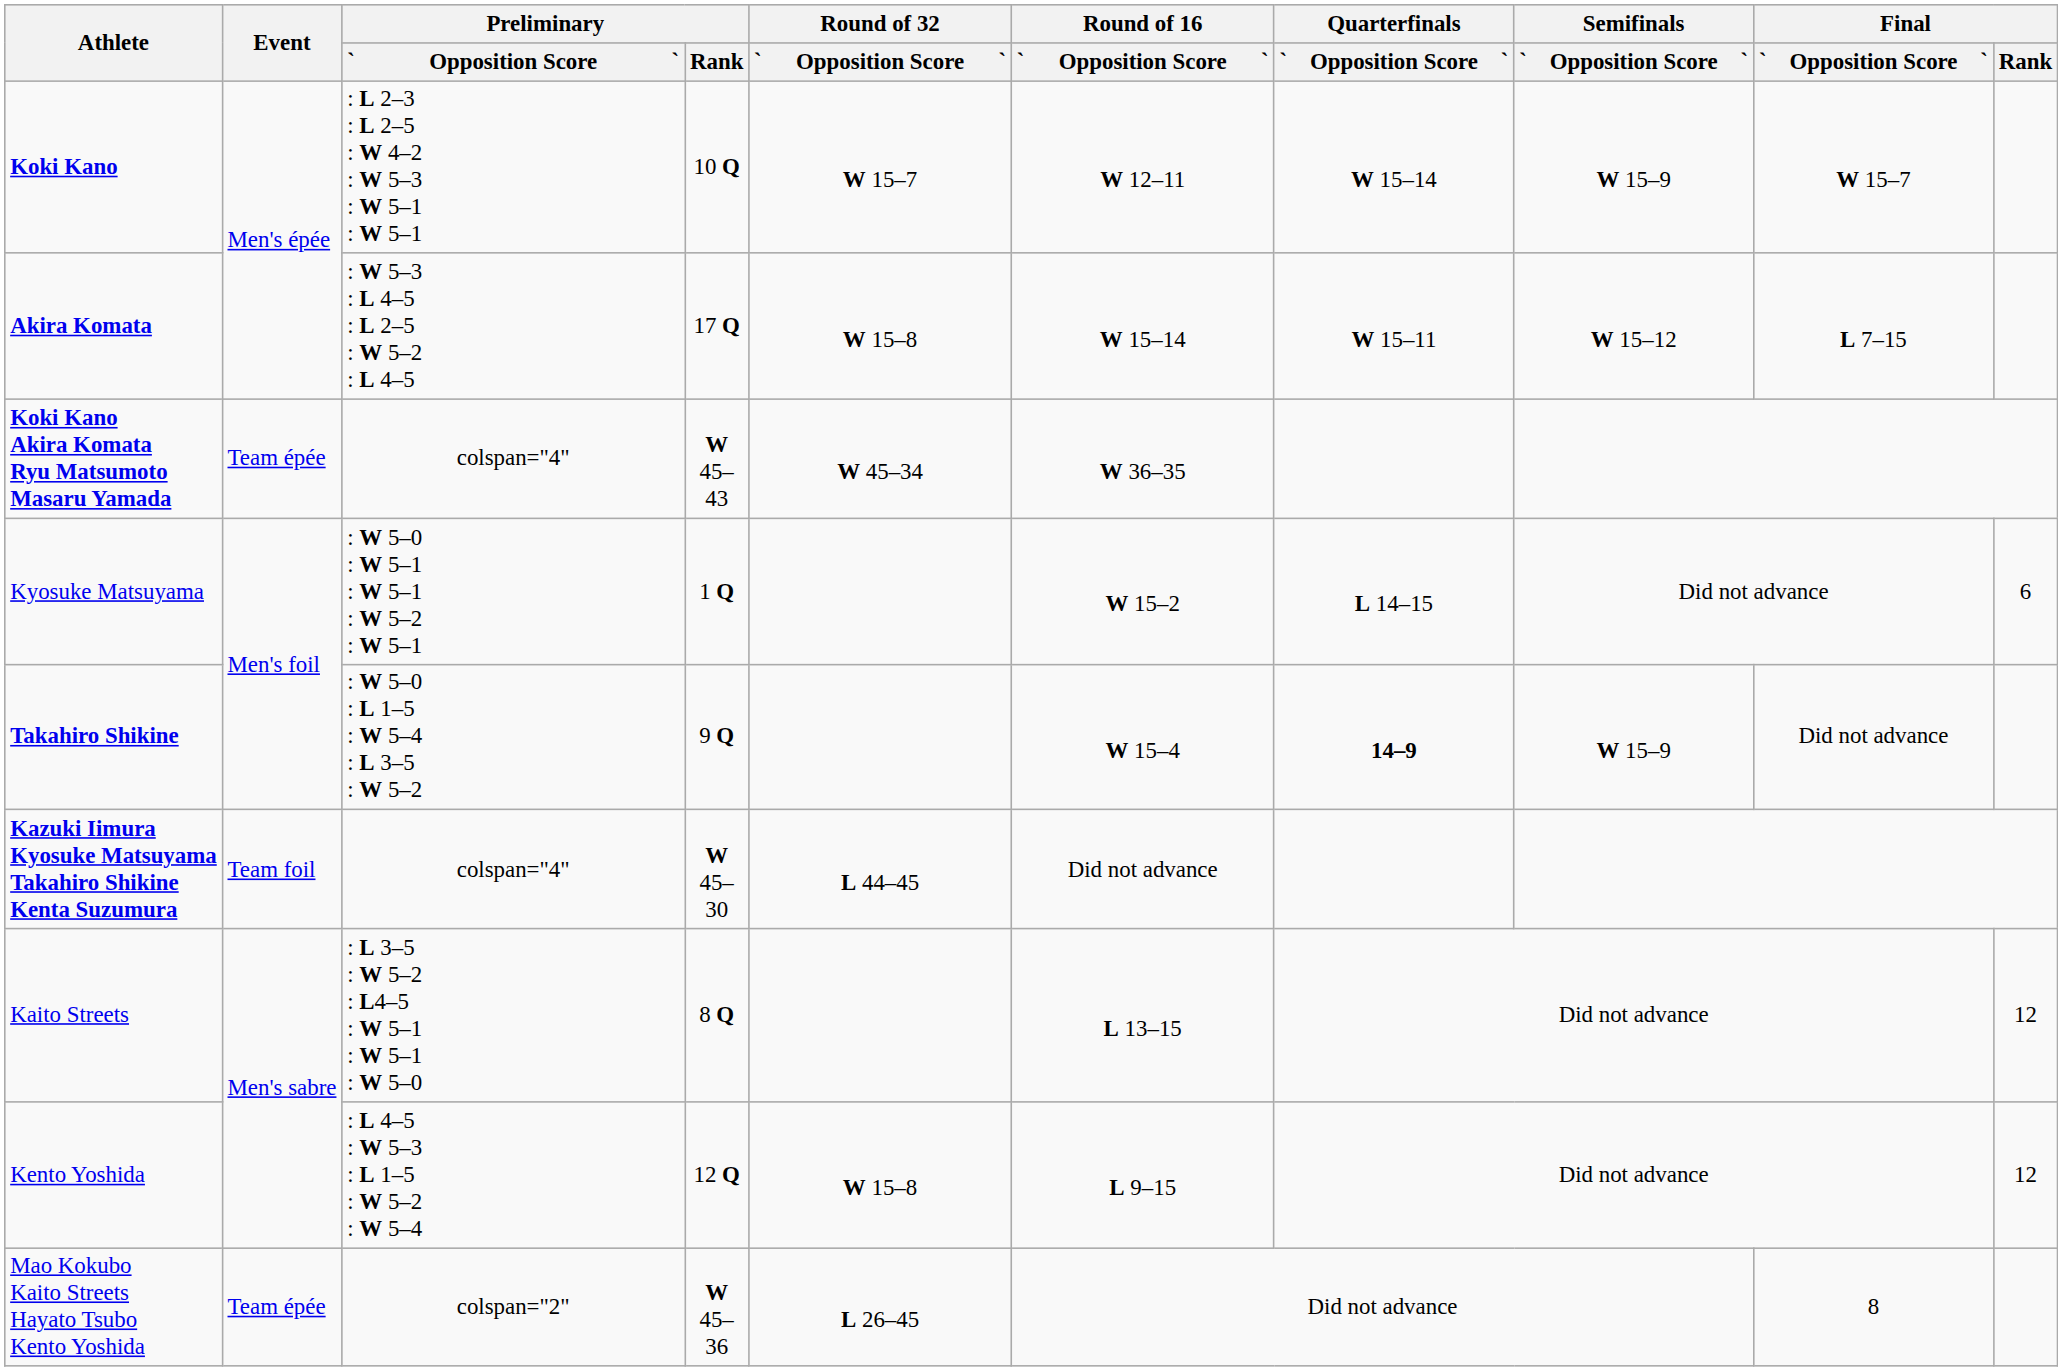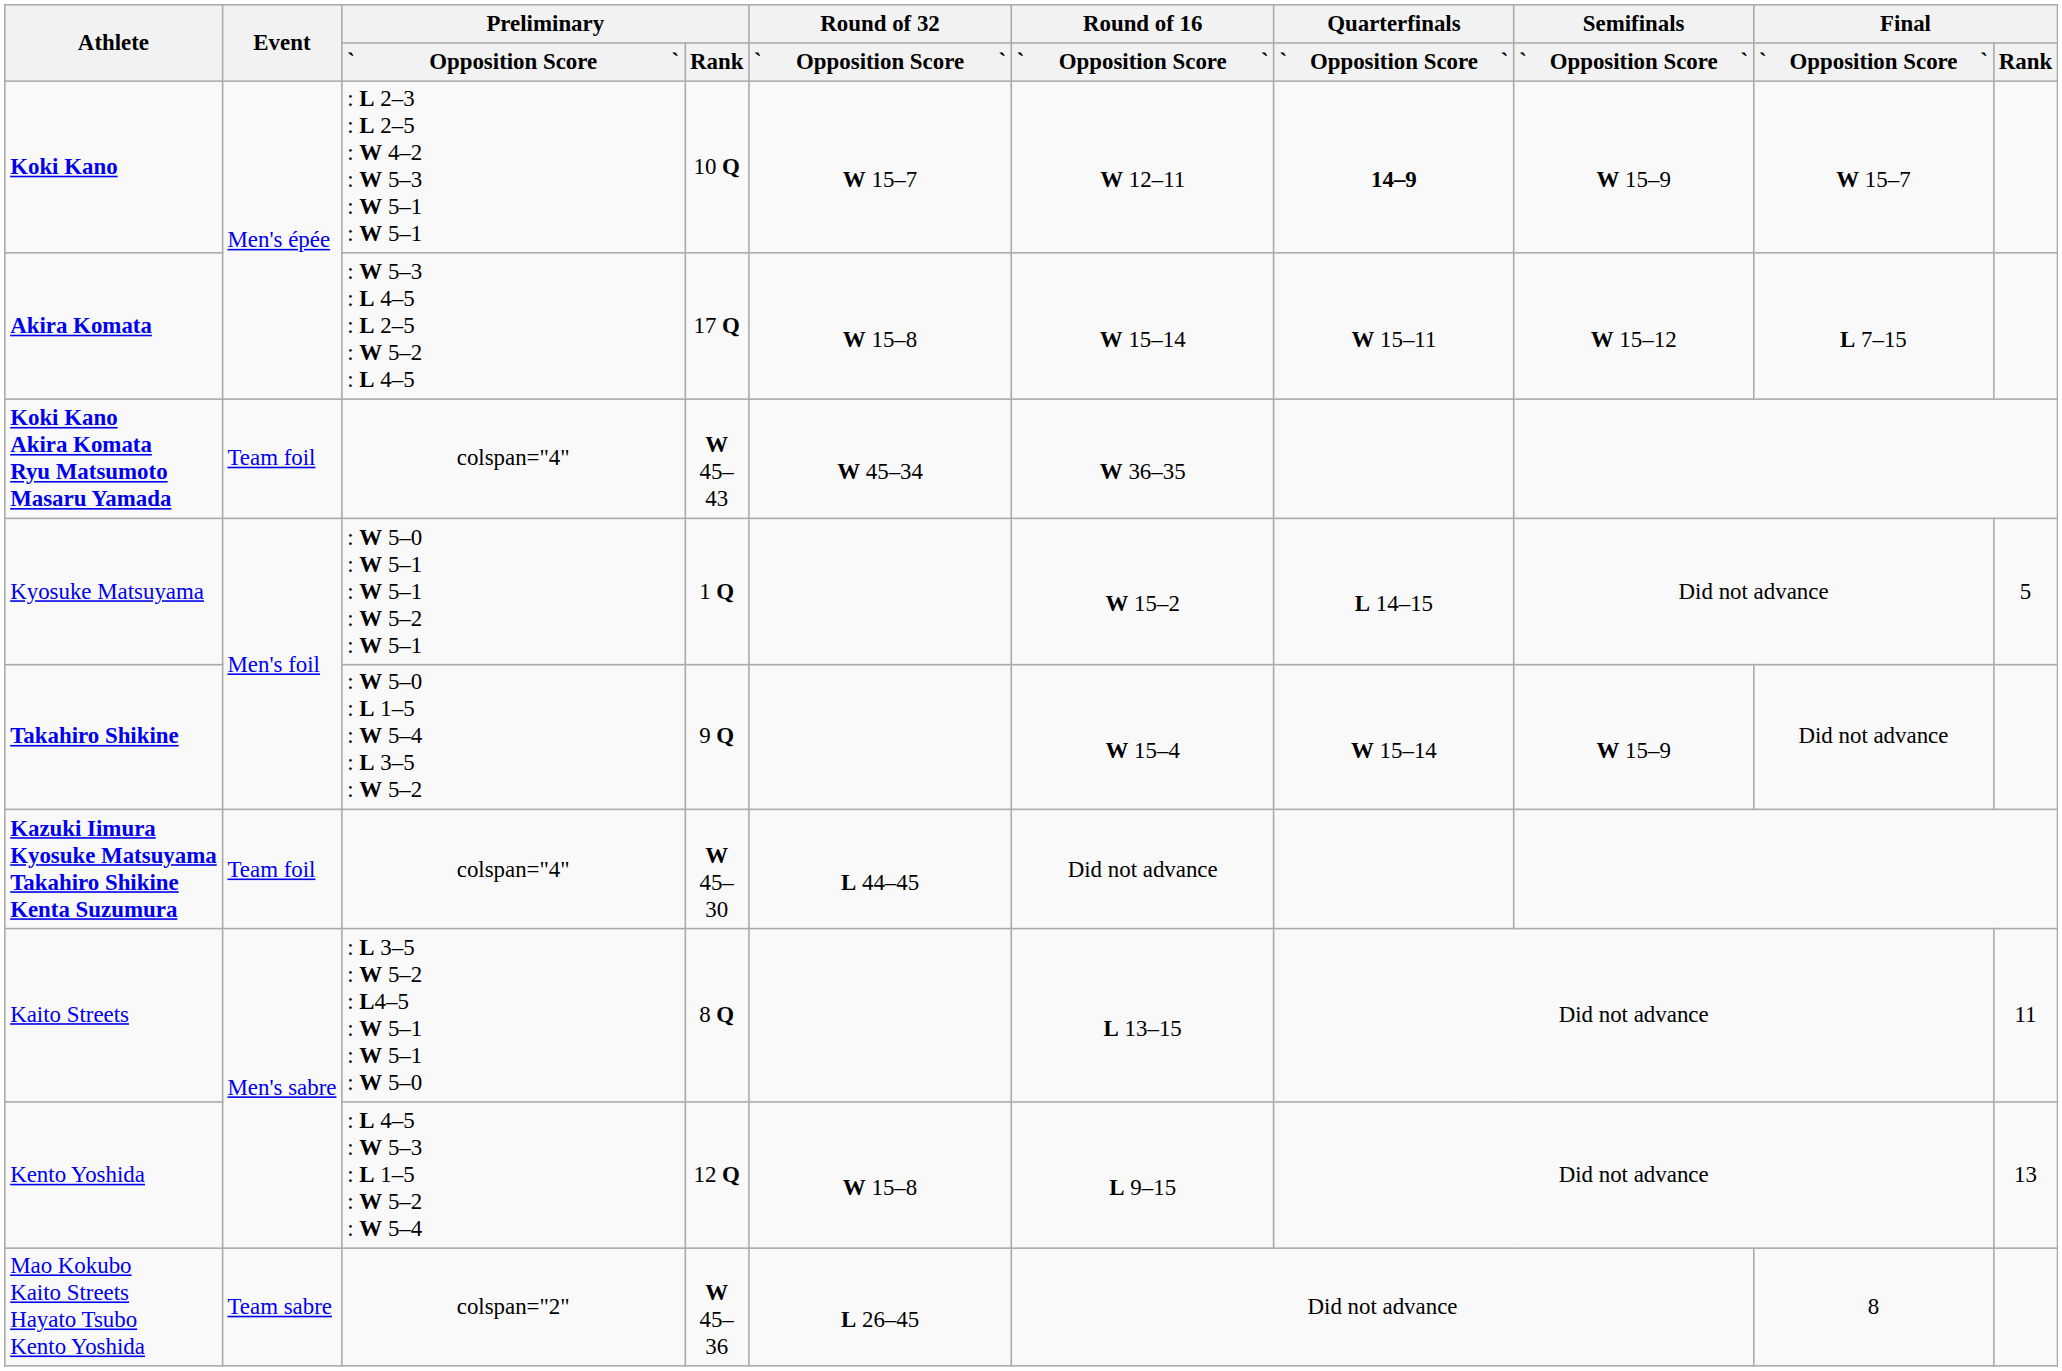 <table class=wikitable style=font-size:90%;text-align:center>
 <tr>
 <th rowspan="2">Athlete</th>
 <th rowspan="2">Event</th>
 <th colspan="2">Preliminary</th>
 <th>Round of 32</th>
 <th>Round of 16</th>
 <th>Quarterfinals</th>
 <th>Semifinals</th>
 <th colspan="2">Final</th>
 </tr>
 <tr>
 <th>`             Opposition Score             `</th>
 <th>Rank</th>
 <th>`      Opposition Score      `</th>
 <th>`      Opposition Score      `</th>
 <th>`    Opposition Score    `</th>
 <th>`    Opposition Score    `</th>
 <th>`    Opposition Score    `</th>
 <th>Rank</th>
 </tr>
 <tr>
 <td align=left><strong><a href='#'>Koki Kano</a></strong></td>
 <td align=left rowspan=2><a href='#'>Men's épée</a></td>
 <td align=left>: <strong>L</strong> 2–3<br>: <strong>L</strong> 2–5<br>: <strong>W</strong> 4–2<br>: <strong>W</strong> 5–3<br>: <strong>W</strong> 5–1<br>: <strong>W</strong> 5–1</td>
 <td>10 <strong>Q</strong></td>
 <td><br><strong>W</strong> 15–7</td>
 <td><br><strong>W</strong> 12–11</td>
-<td><br><strong>W</strong> 15–14</td>
+<td><br><strong>14–9</strong></td>
 <td><br><strong>W</strong> 15–9</td>
 <td><br><strong>W</strong>  15–7</td>
 <td></td>
 </tr>
 <tr>
 <td align=left><strong><a href='#'>Akira Komata</a></strong></td>
 <td align=left>: <strong>W</strong> 5–3<br>: <strong>L</strong> 4–5<br>: <strong>L</strong> 2–5<br>: <strong>W</strong> 5–2<br>: <strong>L</strong> 4–5</td>
 <td>17 <strong>Q</strong></td>
 <td><br><strong>W</strong> 15–8</td>
 <td><br><strong>W</strong> 15–14</td>
 <td><br><strong>W</strong> 15–11</td>
 <td><br><strong>W</strong> 15–12</td>
 <td><br><strong>L</strong> 7–15</td>
 <td></td>
 </tr>
 <tr>
 <td align=left><strong><a href='#'>Koki Kano</a><br><a href='#'>Akira Komata</a><br><a href='#'>Ryu Matsumoto</a><br><a href='#'>Masaru Yamada</a></strong></td>
-<td align=left><a href='#'>Team épée</a></td>
+<td align=left><a href='#'>Team foil</a></td>
 <td>colspan="4" </td>
 <td><br><strong>W</strong> 45–43</td>
 <td><br><strong>W</strong> 45–34</td>
 <td><br><strong>W</strong> 36–35</td>
 <td></td>
 </tr>
 <tr>
 <td align=left><a href='#'>Kyosuke Matsuyama</a></td>
 <td align=left rowspan=2><a href='#'>Men's foil</a></td>
 <td align=left>: <strong>W</strong> 5–0<br>: <strong>W</strong> 5–1<br>: <strong>W</strong> 5–1<br>: <strong>W</strong> 5–2<br>: <strong>W</strong> 5–1</td>
 <td>1 <strong>Q</strong></td>
 <td></td>
 <td><br><strong>W</strong> 15–2</td>
 <td><br><strong>L</strong> 14–15</td>
 <td colspan="2">Did not advance</td>
-<td>6</td>
+<td>5</td>
 </tr>
 <tr>
 <td align=left><strong><a href='#'>Takahiro Shikine</a></strong></td>
 <td align=left>: <strong>W</strong> 5–0<br>: <strong>L</strong> 1–5<br>: <strong>W</strong> 5–4<br>: <strong>L</strong> 3–5<br>: <strong>W</strong> 5–2</td>
 <td>9 <strong>Q</strong></td>
 <td></td>
 <td><br><strong>W</strong> 15–4</td>
-<td><br><strong>14–9</strong></td>
+<td><br><strong>W</strong> 15–14</td>
 <td><br><strong>W</strong> 15–9</td>
 <td>Did not advance</td>
 <td></td>
 </tr>
 <tr>
 <td align=left><strong><a href='#'>Kazuki Iimura</a><br><a href='#'>Kyosuke&nbsp;Matsuyama</a><br><a href='#'>Takahiro Shikine</a><br><a href='#'>Kenta Suzumura</a></strong></td>
 <td align=left><a href='#'>Team foil</a></td>
 <td>colspan="4" </td>
 <td><br><strong>W</strong> 45–30</td>
 <td><br><strong>L</strong> 44–45</td>
 <td>Did not advance</td>
 <td></td>
 </tr>
 <tr>
 <td align=left><a href='#'>Kaito Streets</a></td>
 <td align=left rowspan=2><a href='#'>Men's sabre</a></td>
 <td align=left>: <strong>L</strong> 3–5<br>: <strong>W</strong> 5–2<br>: <strong>L</strong>4–5<br>: <strong>W</strong> 5–1<br>: <strong>W</strong> 5–1<br>: <strong>W</strong> 5–0</td>
 <td>8 <strong>Q</strong></td>
 <td></td>
 <td><br><strong>L</strong> 13–15</td>
 <td colspan="3">Did not advance</td>
-<td>12</td>
+<td>11</td>
 </tr>
 <tr>
 <td align=left><a href='#'>Kento Yoshida</a></td>
 <td align=left>: <strong>L</strong> 4–5<br>: <strong>W</strong> 5–3<br>: <strong>L</strong> 1–5<br>: <strong>W</strong> 5–2<br>: <strong>W</strong> 5–4</td>
 <td>12 <strong>Q</strong></td>
 <td><br><strong>W</strong> 15–8</td>
 <td><br><strong>L</strong> 9–15</td>
 <td colspan="3">Did not advance</td>
-<td>12</td>
+<td>13</td>
 </tr>
 <tr>
 <td align=left><a href='#'>Mao Kokubo</a><br><a href='#'>Kaito Streets</a><br><a href='#'>Hayato Tsubo</a><br><a href='#'>Kento Yoshida</a></td>
-<td align=left><a href='#'>Team épée</a></td>
+<td align=left><a href='#'>Team sabre</a></td>
 <td>colspan="2" </td>
 <td><br><strong>W</strong> 45–36</td>
 <td><br><strong>L</strong> 26–45</td>
 <td colspan="3">Did not advance</td>
 <td>8</td>
 </tr>
 </table>
